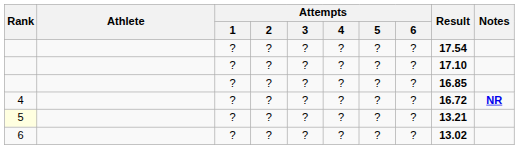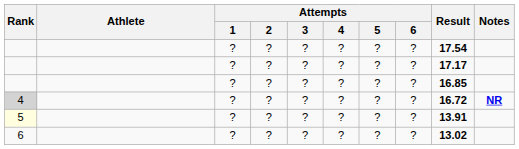 <table class="wikitable" style="text-align:center">
 <tr>
 <th rowspan=2 width=40>Rank</th>
 <th rowspan=2 width=250>Athlete</th>
 <th colspan=6>Attempts</th>
 <th rowspan=2 width=55>Result</th>
 <th rowspan=2 width=50>Notes</th>
 </tr>
 <tr>
 <th width=45>1</th>
 <th width=45>2</th>
 <th width=45>3</th>
 <th width=45>4</th>
 <th width=45>5</th>
 <th width=45>6</th>
 </tr>
 <tr>
 <td></td>
 <td align=left></td>
 <td>?</td>
 <td>?</td>
 <td>?</td>
 <td>?</td>
 <td>?</td>
 <td>?</td>
 <td><strong>17.54</strong></td>
 <td></td>
 </tr>
 <tr>
 <td></td>
 <td align=left></td>
 <td>?</td>
 <td>?</td>
 <td>?</td>
 <td>?</td>
 <td>?</td>
 <td>?</td>
-<td><strong>17.10</strong></td>
+<td><strong>17.17</strong></td>
 <td></td>
 </tr>
 <tr>
 <td></td>
 <td align=left></td>
 <td>?</td>
 <td>?</td>
 <td>?</td>
 <td>?</td>
 <td>?</td>
 <td>?</td>
 <td><strong>16.85</strong></td>
 <td></td>
 </tr>
 <tr>
-<td>4</td>
+<td style="background: lightgrey;">4</td>
 <td align=left></td>
 <td>?</td>
 <td>?</td>
 <td>?</td>
 <td>?</td>
 <td>?</td>
 <td>?</td>
 <td><strong>16.72</strong></td>
 <td><strong><a href='#'>NR</a></strong></td>
 </tr>
 <tr>
 <td style="background: lightyellow;">5</td>
 <td align=left></td>
 <td>?</td>
 <td>?</td>
 <td>?</td>
 <td>?</td>
 <td>?</td>
 <td>?</td>
-<td><strong>13.21</strong></td>
+<td><strong>13.91</strong></td>
 <td></td>
 </tr>
 <tr>
 <td>6</td>
 <td align=left></td>
 <td>?</td>
 <td>?</td>
 <td>?</td>
 <td>?</td>
 <td>?</td>
 <td>?</td>
 <td><strong>13.02</strong></td>
 <td></td>
 </tr>
 </table>
